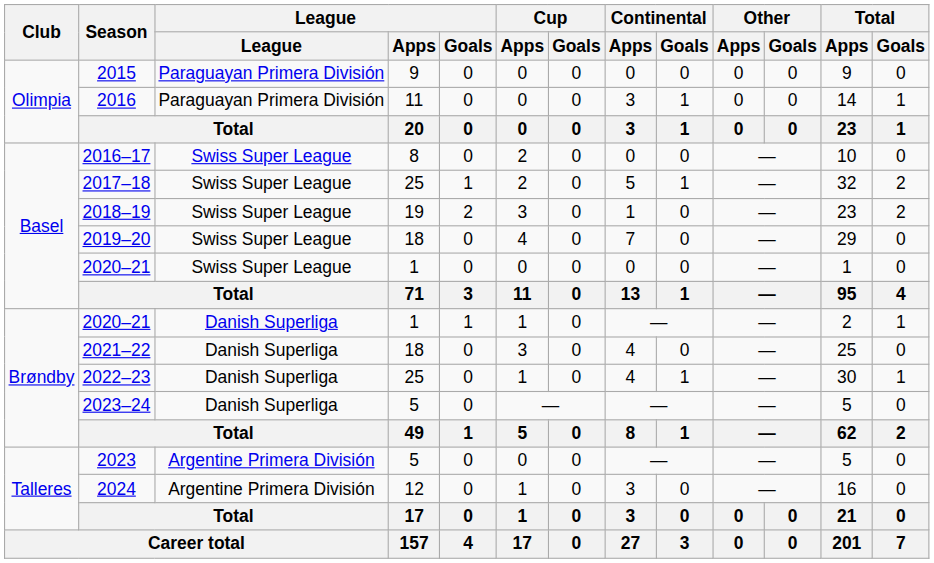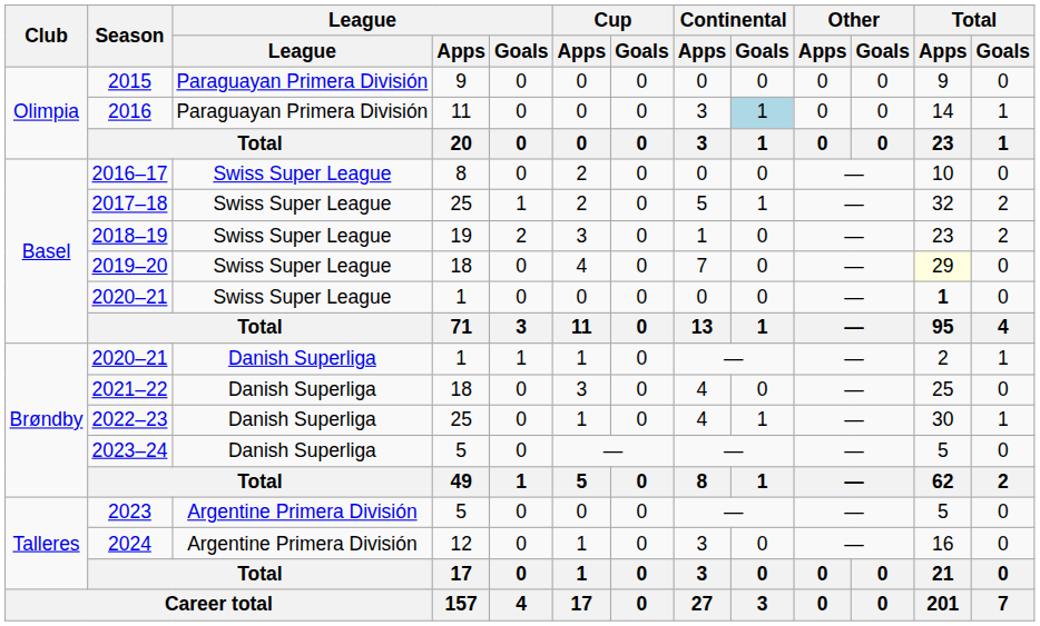 <table class="wikitable" style="text-align: center">
 <tr>
 <th rowspan="2">Club</th>
 <th rowspan="2">Season</th>
 <th colspan="3">League</th>
 <th colspan="2">Cup</th>
 <th colspan="2">Continental</th>
 <th colspan="2">Other</th>
 <th colspan="2">Total</th>
 </tr>
 <tr>
 <th>League</th>
 <th>Apps</th>
 <th>Goals</th>
 <th>Apps</th>
 <th>Goals</th>
 <th>Apps</th>
 <th>Goals</th>
 <th>Apps</th>
 <th>Goals</th>
 <th>Apps</th>
 <th>Goals</th>
 </tr>
 <tr>
 <td rowspan="3"><a href='#'>Olimpia</a></td>
 <td><a href='#'>2015</a></td>
 <td><a href='#'>Paraguayan Primera División</a></td>
 <td>9</td>
 <td>0</td>
 <td>0</td>
 <td>0</td>
 <td>0</td>
 <td>0</td>
 <td>0</td>
 <td>0</td>
 <td>9</td>
 <td>0</td>
 </tr>
 <tr>
 <td><a href='#'>2016</a></td>
 <td>Paraguayan Primera División</td>
 <td>11</td>
 <td>0</td>
 <td>0</td>
 <td>0</td>
 <td>3</td>
-<td>1</td>
+<td style="background: lightblue;">1</td>
 <td>0</td>
 <td>0</td>
 <td>14</td>
 <td>1</td>
 </tr>
 <tr>
 <th colspan="2">Total</th>
 <th>20</th>
 <th>0</th>
 <th>0</th>
 <th>0</th>
 <th>3</th>
 <th>1</th>
 <th>0</th>
 <th>0</th>
 <th>23</th>
 <th>1</th>
 </tr>
 <tr>
 <td rowspan="6"><a href='#'>Basel</a></td>
 <td><a href='#'>2016–17</a></td>
 <td><a href='#'>Swiss Super League</a></td>
 <td>8</td>
 <td>0</td>
 <td>2</td>
 <td>0</td>
 <td>0</td>
 <td>0</td>
 <td colspan="2">—</td>
 <td>10</td>
 <td>0</td>
 </tr>
 <tr>
 <td><a href='#'>2017–18</a></td>
 <td>Swiss Super League</td>
 <td>25</td>
 <td>1</td>
 <td>2</td>
 <td>0</td>
 <td>5</td>
 <td>1</td>
 <td colspan="2">—</td>
 <td>32</td>
 <td>2</td>
 </tr>
 <tr>
 <td><a href='#'>2018–19</a></td>
 <td>Swiss Super League</td>
 <td>19</td>
 <td>2</td>
 <td>3</td>
 <td>0</td>
 <td>1</td>
 <td>0</td>
 <td colspan="2">—</td>
 <td>23</td>
 <td>2</td>
 </tr>
 <tr>
 <td><a href='#'>2019–20</a></td>
 <td>Swiss Super League</td>
 <td>18</td>
 <td>0</td>
 <td>4</td>
 <td>0</td>
 <td>7</td>
 <td>0</td>
 <td colspan="2">—</td>
-<td>29</td>
+<td style="background: lightyellow;">29</td>
 <td>0</td>
 </tr>
 <tr>
 <td><a href='#'>2020–21</a></td>
 <td>Swiss Super League</td>
 <td>1</td>
 <td>0</td>
 <td>0</td>
 <td>0</td>
 <td>0</td>
 <td>0</td>
 <td colspan="2">—</td>
-<td>1</td>
+<td><strong>1</strong></td>
 <td>0</td>
 </tr>
 <tr>
 <th colspan="2">Total</th>
 <th>71</th>
 <th>3</th>
 <th>11</th>
 <th>0</th>
 <th>13</th>
 <th>1</th>
 <th colspan="2">—</th>
 <th>95</th>
 <th>4</th>
 </tr>
 <tr>
 <td rowspan="5"><a href='#'>Brøndby</a></td>
 <td><a href='#'>2020–21</a></td>
 <td><a href='#'>Danish Superliga</a></td>
 <td>1</td>
 <td>1</td>
 <td>1</td>
 <td>0</td>
 <td colspan="2">—</td>
 <td colspan="2">—</td>
 <td>2</td>
 <td>1</td>
 </tr>
 <tr>
 <td><a href='#'>2021–22</a></td>
 <td>Danish Superliga</td>
 <td>18</td>
 <td>0</td>
 <td>3</td>
 <td>0</td>
 <td>4</td>
 <td>0</td>
 <td colspan="2">—</td>
 <td>25</td>
 <td>0</td>
 </tr>
 <tr>
 <td><a href='#'>2022–23</a></td>
 <td>Danish Superliga</td>
 <td>25</td>
 <td>0</td>
 <td>1</td>
 <td>0</td>
 <td>4</td>
 <td>1</td>
 <td colspan="2">—</td>
 <td>30</td>
 <td>1</td>
 </tr>
 <tr>
 <td><a href='#'>2023–24</a></td>
 <td>Danish Superliga</td>
 <td>5</td>
 <td>0</td>
 <td colspan="2">—</td>
 <td colspan="2">—</td>
 <td colspan="2">—</td>
 <td>5</td>
 <td>0</td>
 </tr>
 <tr>
 <th colspan="2">Total</th>
 <th>49</th>
 <th>1</th>
 <th>5</th>
 <th>0</th>
 <th>8</th>
 <th>1</th>
 <th colspan="2">—</th>
 <th>62</th>
 <th>2</th>
 </tr>
 <tr>
 <td rowspan="3"><a href='#'>Talleres</a></td>
 <td><a href='#'>2023</a></td>
 <td><a href='#'>Argentine Primera División</a></td>
 <td>5</td>
 <td>0</td>
 <td>0</td>
 <td>0</td>
 <td colspan="2">—</td>
 <td colspan="2">—</td>
 <td>5</td>
 <td>0</td>
 </tr>
 <tr>
 <td><a href='#'>2024</a></td>
 <td>Argentine Primera División</td>
 <td>12</td>
 <td>0</td>
 <td>1</td>
 <td>0</td>
 <td>3</td>
 <td>0</td>
 <td colspan="2">—</td>
 <td>16</td>
 <td>0</td>
 </tr>
 <tr>
 <th colspan="2">Total</th>
 <th>17</th>
 <th>0</th>
 <th>1</th>
 <th>0</th>
 <th>3</th>
 <th>0</th>
 <th>0</th>
 <th>0</th>
 <th>21</th>
 <th>0</th>
 </tr>
 <tr>
 <th colspan="3">Career total</th>
 <th>157</th>
 <th>4</th>
 <th>17</th>
 <th>0</th>
 <th>27</th>
 <th>3</th>
 <th>0</th>
 <th>0</th>
 <th>201</th>
 <th>7</th>
 </tr>
 </table>
